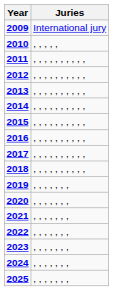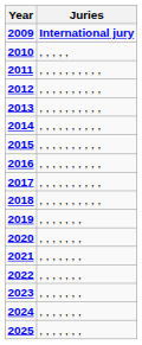 <table class="wikitable" style="font-size: 95%">
 <tr>
 <th>Year</th>
 <th>Juries</th>
 </tr>
 <tr>
 <td><strong><a href='#'>2009</a></strong></td>
-<td><a href='#'>International jury</a></td>
+<td><strong><a href='#'>International jury</a></strong></td>
 </tr>
 <tr>
 <td><strong><a href='#'>2010</a></strong></td>
 <td>, , , , , </td>
 </tr>
 <tr>
 <td><strong><a href='#'>2011</a></strong></td>
 <td>, , , , , , , , , , </td>
 </tr>
 <tr>
 <td><strong><a href='#'>2012</a></strong></td>
 <td>, , , , , , , , , , </td>
 </tr>
 <tr>
 <td><strong><a href='#'>2013</a></strong></td>
 <td>, , , , , , , , , , </td>
 </tr>
 <tr>
 <td><strong><a href='#'>2014</a></strong></td>
 <td>, , , , , , , , , , </td>
 </tr>
 <tr>
 <td><strong><a href='#'>2015</a></strong></td>
 <td>, , , , , , , , , , </td>
 </tr>
 <tr>
 <td><strong><a href='#'>2016</a></strong></td>
 <td>, , , , , , , , , , </td>
 </tr>
 <tr>
 <td><strong><a href='#'>2017</a></strong></td>
 <td>, , , , , , , , , , </td>
 </tr>
 <tr>
 <td><strong><a href='#'>2018</a></strong></td>
 <td>, , , , , , , , , , </td>
 </tr>
 <tr>
 <td><strong><a href='#'>2019</a></strong></td>
 <td>, , , , , , , </td>
 </tr>
 <tr>
 <td><strong><a href='#'>2020</a></strong></td>
 <td>, , , , , , , </td>
 </tr>
 <tr>
 <td><strong><a href='#'>2021</a></strong></td>
 <td>, , , , , , , </td>
 </tr>
 <tr>
 <td><strong><a href='#'>2022</a></strong></td>
 <td>, , , , , , , </td>
 </tr>
 <tr>
 <td><strong><a href='#'>2023</a></strong></td>
 <td>, , , , , , , </td>
 </tr>
 <tr>
 <td><strong><a href='#'>2024</a></strong></td>
 <td>, , , , , , , </td>
 </tr>
 <tr>
 <td><strong><a href='#'>2025</a></strong></td>
 <td>, , , , , , , </td>
 </tr>
 </table>
